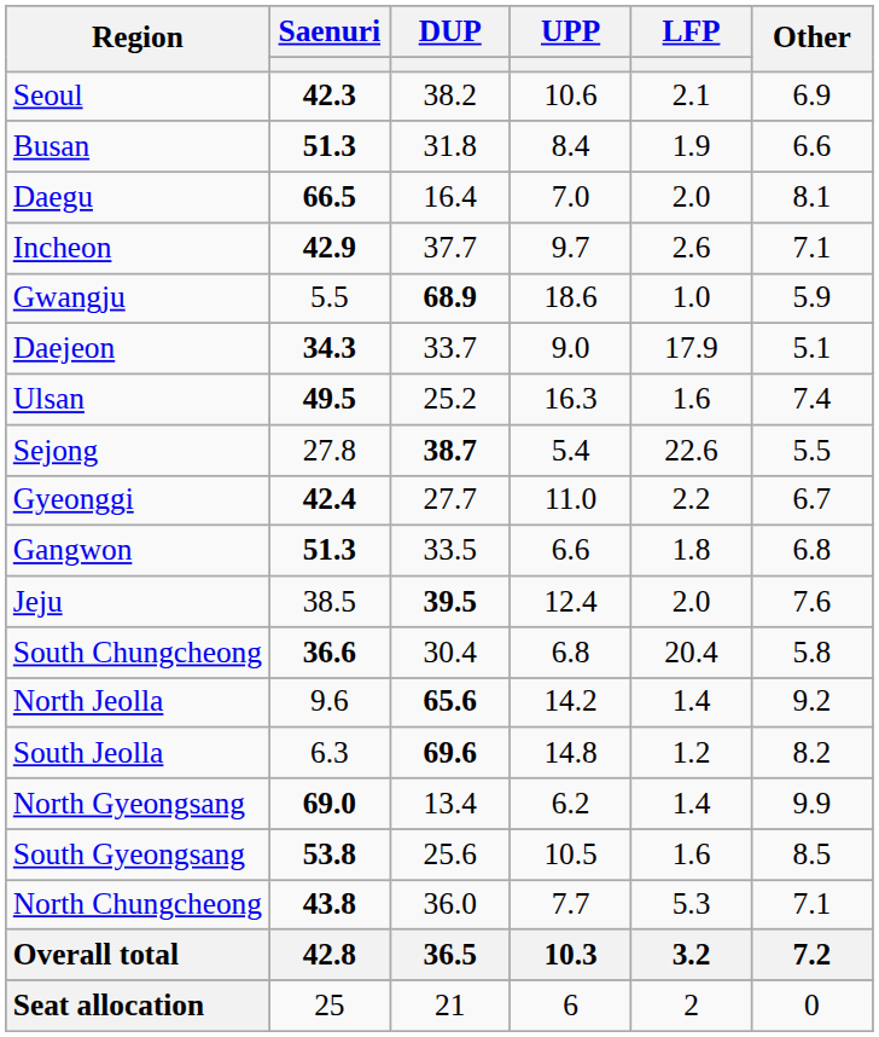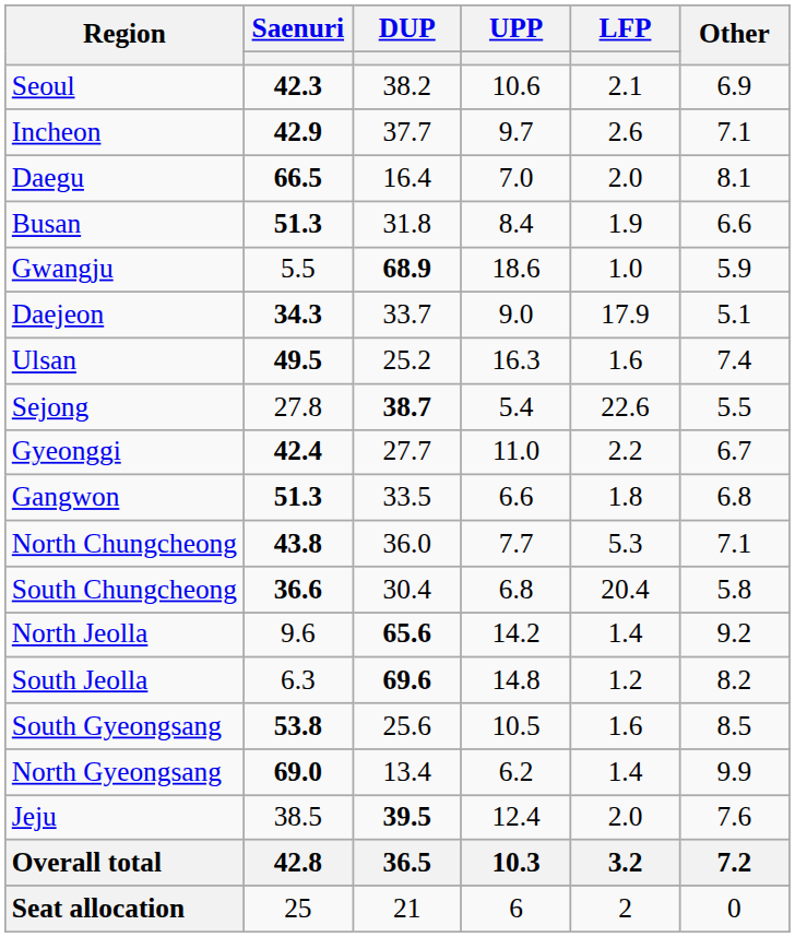 <table class="wikitable nowrap sortable" style="text-align:center; font-size:90%">
 <tr>
 <th rowspan="2">Region</th>
 <th style="width:50px" class="unsortable"><a href='#'>Saenuri</a></th>
 <th style="width:50px" class="unsortable"><a href='#'>DUP</a></th>
 <th style="width:50px" class="unsortable"><a href='#'>UPP</a></th>
 <th style="width:50px" class="unsortable"><a href='#'>LFP</a></th>
 <th rowspan="2" style="width:50px" class="unsortable">Other</th>
 </tr>
 <tr>
 <th style="background:"></th>
 <th style="background:"></th>
 <th style="background:"></th>
 <th style="background:"></th>
 </tr>
 <tr>
 <td style="text-align:left"><a href='#'>Seoul</a></td>
 <td><strong>42.3</strong></td>
 <td>38.2</td>
 <td>10.6</td>
 <td>2.1</td>
 <td>6.9</td>
 </tr>
 <tr>
-<td style="text-align:left"><a href='#'>Busan</a></td>
-<td><strong>51.3</strong></td>
-<td>31.8</td>
-<td>8.4</td>
-<td>1.9</td>
-<td>6.6</td>
+<td style="text-align:left"><a href='#'>Incheon</a></td>
+<td><strong>42.9</strong></td>
+<td>37.7</td>
+<td>9.7</td>
+<td>2.6</td>
+<td>7.1</td>
 </tr>
 <tr>
 <td style="text-align:left"><a href='#'>Daegu</a></td>
 <td><strong>66.5</strong></td>
 <td>16.4</td>
 <td>7.0</td>
 <td>2.0</td>
 <td>8.1</td>
 </tr>
 <tr>
-<td style="text-align:left"><a href='#'>Incheon</a></td>
-<td><strong>42.9</strong></td>
-<td>37.7</td>
-<td>9.7</td>
-<td>2.6</td>
-<td>7.1</td>
+<td style="text-align:left"><a href='#'>Busan</a></td>
+<td><strong>51.3</strong></td>
+<td>31.8</td>
+<td>8.4</td>
+<td>1.9</td>
+<td>6.6</td>
 </tr>
 <tr>
 <td style="text-align:left"><a href='#'>Gwangju</a></td>
 <td>5.5</td>
 <td><strong>68.9</strong></td>
 <td>18.6</td>
 <td>1.0</td>
 <td>5.9</td>
 </tr>
 <tr>
 <td style="text-align:left"><a href='#'>Daejeon</a></td>
 <td><strong>34.3</strong></td>
 <td>33.7</td>
 <td>9.0</td>
 <td>17.9</td>
 <td>5.1</td>
 </tr>
 <tr>
 <td style="text-align:left"><a href='#'>Ulsan</a></td>
 <td><strong>49.5</strong></td>
 <td>25.2</td>
 <td>16.3</td>
 <td>1.6</td>
 <td>7.4</td>
 </tr>
 <tr>
 <td style="text-align:left"><a href='#'>Sejong</a></td>
 <td>27.8</td>
 <td><strong>38.7</strong></td>
 <td>5.4</td>
 <td>22.6</td>
 <td>5.5</td>
 </tr>
 <tr>
 <td style="text-align:left"><a href='#'>Gyeonggi</a></td>
 <td><strong>42.4</strong></td>
 <td>27.7</td>
 <td>11.0</td>
 <td>2.2</td>
 <td>6.7</td>
 </tr>
 <tr>
 <td style="text-align:left"><a href='#'>Gangwon</a></td>
 <td><strong>51.3</strong></td>
 <td>33.5</td>
 <td>6.6</td>
 <td>1.8</td>
 <td>6.8</td>
 </tr>
 <tr>
-<td style="text-align:left"><a href='#'>Jeju</a></td>
-<td>38.5</td>
-<td><strong>39.5</strong></td>
-<td>12.4</td>
-<td>2.0</td>
-<td>7.6</td>
+<td style="text-align:left" data-sort-value="Chungcheong N"><a href='#'>North Chungcheong</a></td>
+<td><strong>43.8</strong></td>
+<td>36.0</td>
+<td>7.7</td>
+<td>5.3</td>
+<td>7.1</td>
 </tr>
 <tr>
 <td style="text-align:left" data-sort-value="Chungcheong S"><a href='#'>South Chungcheong</a></td>
 <td><strong>36.6</strong></td>
 <td>30.4</td>
 <td>6.8</td>
 <td>20.4</td>
 <td>5.8</td>
 </tr>
 <tr>
 <td style="text-align:left" data-sort-value="Jeolla N"><a href='#'>North Jeolla</a></td>
 <td>9.6</td>
 <td><strong>65.6</strong></td>
 <td>14.2</td>
 <td>1.4</td>
 <td>9.2</td>
 </tr>
 <tr>
 <td style="text-align:left" data-sort-value="Jeolla S"><a href='#'>South Jeolla</a></td>
 <td>6.3</td>
 <td><strong>69.6</strong></td>
 <td>14.8</td>
 <td>1.2</td>
 <td>8.2</td>
 </tr>
 <tr>
+<td style="text-align:left" data-sort-value="Gyeongsang S"><a href='#'>South Gyeongsang</a></td>
+<td><strong>53.8</strong></td>
+<td>25.6</td>
+<td>10.5</td>
+<td>1.6</td>
+<td>8.5</td>
+</tr>
+<tr>
 <td style="text-align:left" data-sort-value="Gyeongsang N"><a href='#'>North Gyeongsang</a></td>
 <td><strong>69.0</strong></td>
 <td>13.4</td>
 <td>6.2</td>
 <td>1.4</td>
 <td>9.9</td>
 </tr>
 <tr>
-<td style="text-align:left" data-sort-value="Gyeongsang S"><a href='#'>South Gyeongsang</a></td>
-<td><strong>53.8</strong></td>
-<td>25.6</td>
-<td>10.5</td>
-<td>1.6</td>
-<td>8.5</td>
-</tr>
-<tr>
-<td style="text-align:left" data-sort-value="Chungcheong N"><a href='#'>North Chungcheong</a></td>
-<td><strong>43.8</strong></td>
-<td>36.0</td>
-<td>7.7</td>
-<td>5.3</td>
-<td>7.1</td>
+<td style="text-align:left"><a href='#'>Jeju</a></td>
+<td>38.5</td>
+<td><strong>39.5</strong></td>
+<td>12.4</td>
+<td>2.0</td>
+<td>7.6</td>
 </tr>
 <tr class="sortbottom">
 <th style="text-align:left">Overall total</th>
 <th>42.8</th>
 <th>36.5</th>
 <th>10.3</th>
 <th>3.2</th>
 <th>7.2</th>
 </tr>
 <tr class="sortbottom">
 <th style="text-align:left">Seat allocation</th>
 <td>25</td>
 <td>21</td>
 <td>6</td>
 <td>2</td>
 <td>0</td>
 </tr>
 </table>
